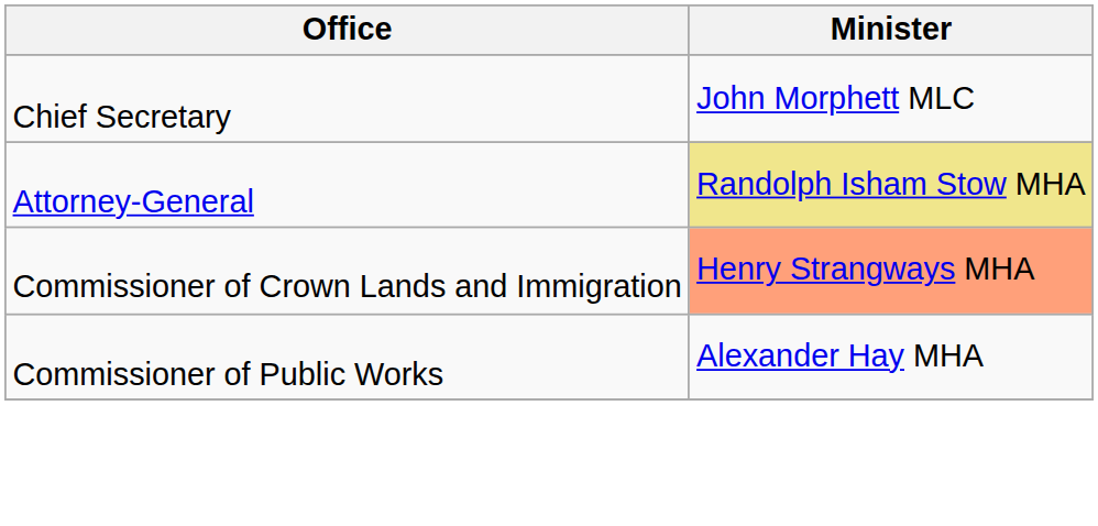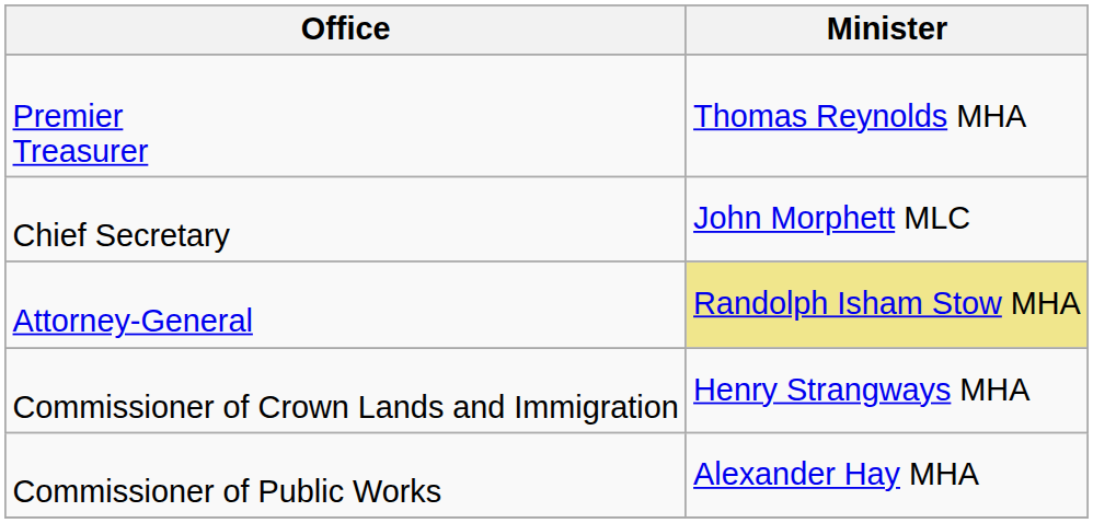 <table class="wikitable">
 <tr>
 <th>Office</th>
 <th>Minister</th>
+</tr>
+<tr>
+<td><br><a href='#'>Premier</a><br> <a href='#'>Treasurer</a></td>
+<td><a href='#'>Thomas Reynolds</a> MHA</td>
 </tr>
 <tr>
 <td><br>Chief Secretary</td>
 <td><a href='#'>John Morphett</a> MLC</td>
 </tr>
 <tr>
 <td><br><a href='#'>Attorney-General</a></td>
 <td style="background: khaki;"><a href='#'>Randolph Isham Stow</a> MHA</td>
 </tr>
 <tr>
 <td><br>Commissioner of Crown Lands and Immigration<br></td>
-<td style="background: lightsalmon;"><a href='#'>Henry Strangways</a> MHA</td>
+<td><a href='#'>Henry Strangways</a> MHA</td>
 </tr>
 <tr>
 <td><br>Commissioner of Public Works<br></td>
 <td><a href='#'>Alexander Hay</a> MHA</td>
 </tr>
 <tr>
 </tr>
 </table>
